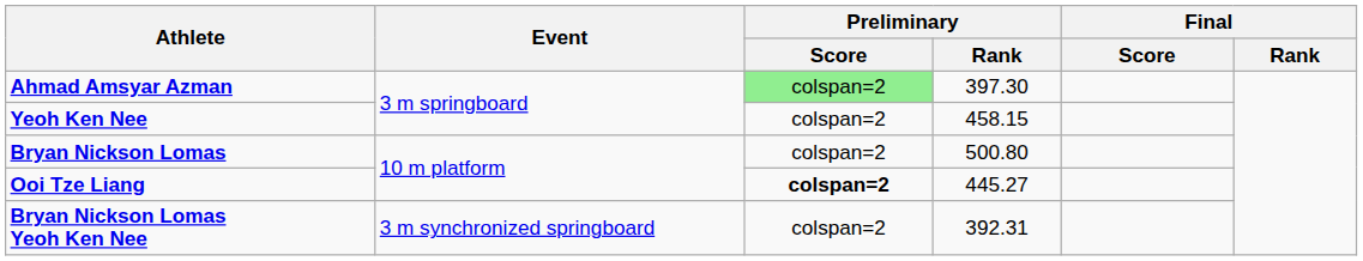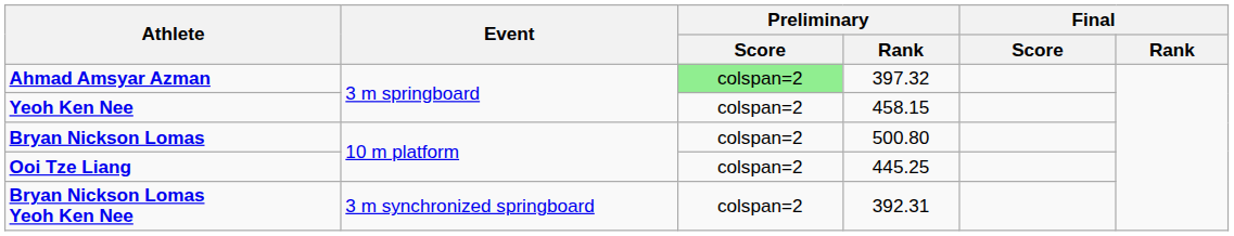 <table class="wikitable" width="75%" style="text-align:center; font-size:90%;">
 <tr>
 <th rowspan="2" width="15%">Athlete</th>
 <th rowspan="2" width="15%">Event</th>
 <th colspan="2" width="12%">Preliminary</th>
 <th colspan="2" width="12%">Final</th>
 </tr>
 <tr>
 <th width="7%">Score</th>
 <th>Rank</th>
 <th width="7%">Score</th>
 <th>Rank</th>
 </tr>
 <tr>
 <td align=left><strong><a href='#'>Ahmad Amsyar Azman</a></strong></td>
 <td align=left rowspan=2><a href='#'>3 m springboard</a></td>
 <td style="background: lightgreen;">colspan=2 </td>
-<td>397.30</td>
+<td>397.32</td>
 <td></td>
 </tr>
 <tr>
 <td align=left><strong><a href='#'>Yeoh Ken Nee</a></strong></td>
 <td>colspan=2 </td>
 <td>458.15</td>
 <td></td>
 </tr>
 <tr>
 <td align=left><strong><a href='#'>Bryan Nickson Lomas</a></strong></td>
 <td align=left rowspan=2><a href='#'>10 m platform</a></td>
 <td>colspan=2 </td>
 <td>500.80</td>
 <td></td>
 </tr>
 <tr>
 <td align=left><strong><a href='#'>Ooi Tze Liang</a></strong></td>
-<td><strong>colspan=2 </strong></td>
-<td>445.27</td>
+<td>colspan=2 </td>
+<td>445.25</td>
 <td></td>
 </tr>
 <tr>
 <td align=left><strong><a href='#'>Bryan Nickson Lomas</a><br><a href='#'>Yeoh Ken Nee</a></strong></td>
 <td align=left><a href='#'>3 m synchronized springboard</a></td>
 <td>colspan=2 </td>
 <td>392.31</td>
 <td></td>
 </tr>
 </table>
